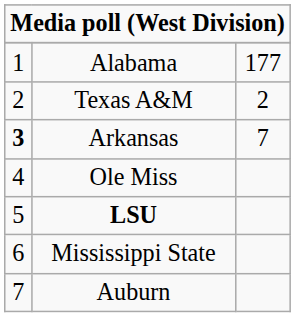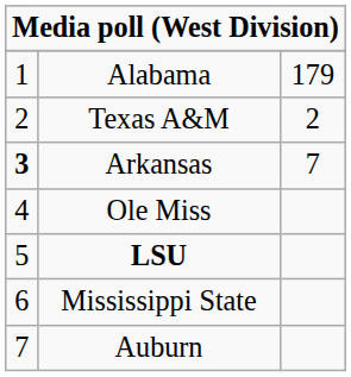 <table class="wikitable" style="display: inline-table;">
 <tr>
 <td align="center" Colspan="3"><strong>Media poll (West Division)</strong></td>
 </tr>
 <tr align="center">
 </tr>
 <tr align="center">
 <td>1</td>
 <td>Alabama</td>
-<td>177</td>
+<td>179</td>
 </tr>
 <tr align="center">
 <td>2</td>
 <td>Texas A&M</td>
 <td>2</td>
 </tr>
 <tr align="center">
 <td><strong>3</strong></td>
 <td>Arkansas</td>
 <td>7</td>
 </tr>
 <tr align="center">
 <td>4</td>
 <td>Ole Miss</td>
 <td></td>
 </tr>
 <tr align="center">
 <td>5</td>
 <td><strong>LSU</strong></td>
 <td></td>
 </tr>
 <tr align="center">
 <td>6</td>
 <td>Mississippi State</td>
 <td></td>
 </tr>
 <tr align="center">
 <td>7</td>
 <td>Auburn</td>
 <td></td>
 </tr>
 </table>
